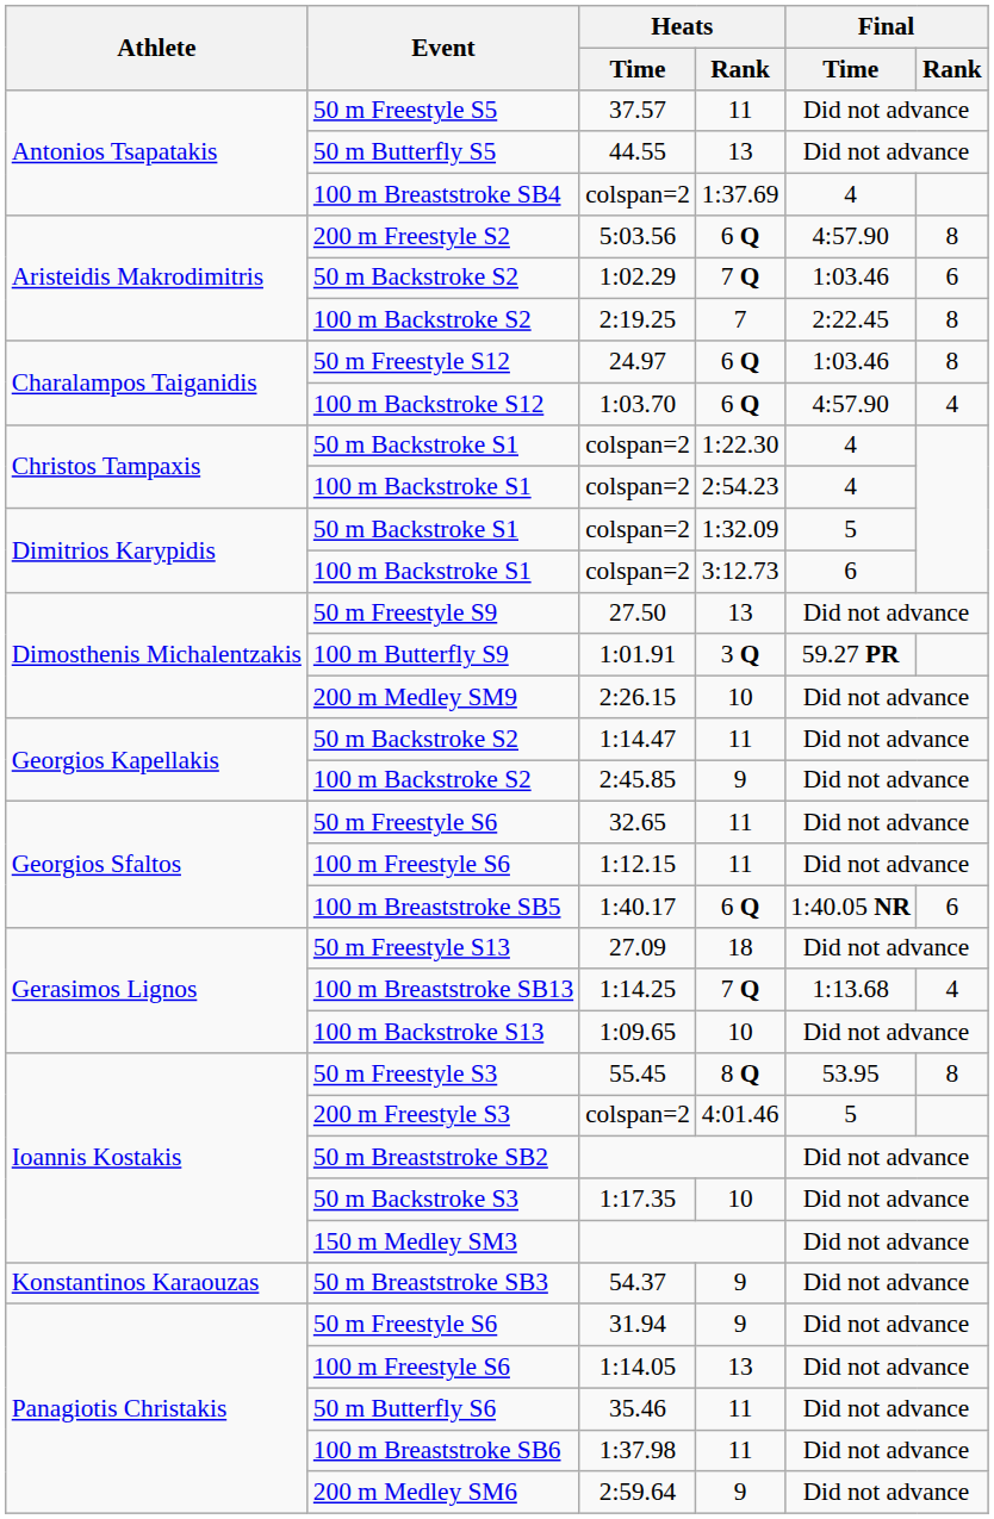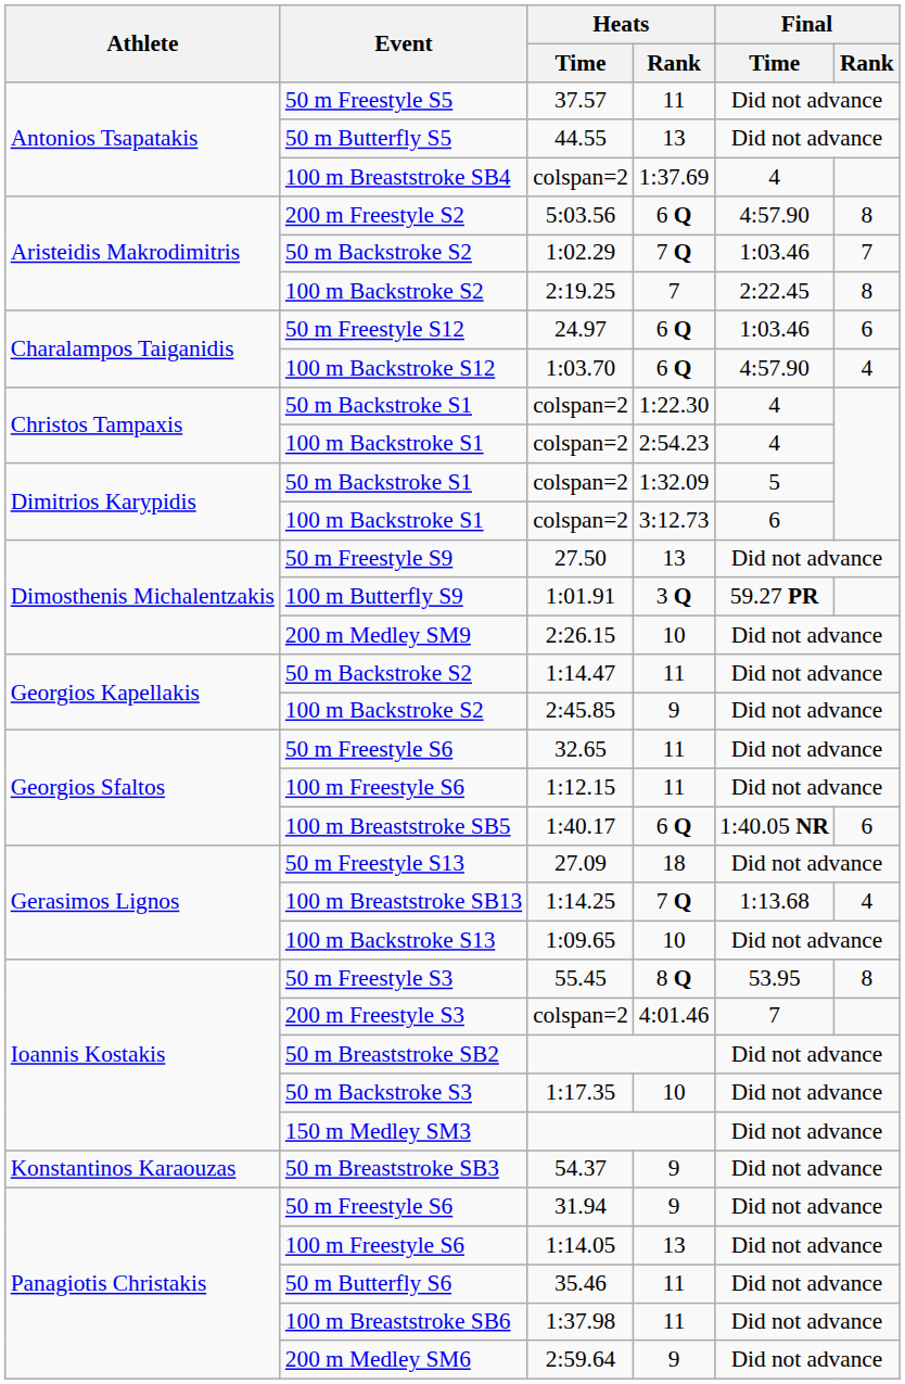 <table class=wikitable style="font-size:90%">
 <tr>
 <th rowspan="2">Athlete</th>
 <th rowspan="2">Event</th>
 <th colspan="2">Heats</th>
 <th colspan="2">Final</th>
 </tr>
 <tr>
 <th>Time</th>
 <th>Rank</th>
 <th>Time</th>
 <th>Rank</th>
 </tr>
 <tr align=center>
 <td align=left rowspan=3><a href='#'>Antonios Tsapatakis</a></td>
 <td align=left><a href='#'>50 m Freestyle S5</a></td>
 <td>37.57</td>
 <td>11</td>
 <td colspan=2>Did not advance</td>
 </tr>
 <tr align=center>
 <td align=left><a href='#'>50 m Butterfly S5</a></td>
 <td>44.55</td>
 <td>13</td>
 <td colspan=2>Did not advance</td>
 </tr>
 <tr align=center>
 <td align=left><a href='#'>100 m Breaststroke SB4</a></td>
 <td>colspan=2 </td>
 <td>1:37.69</td>
 <td>4</td>
 </tr>
 <tr align=center>
 <td align=left rowspan=3><a href='#'>Aristeidis Makrodimitris</a></td>
 <td align=left><a href='#'>200 m Freestyle S2</a></td>
 <td>5:03.56</td>
 <td>6 <strong>Q</strong></td>
 <td>4:57.90</td>
 <td>8</td>
 </tr>
 <tr align=center>
 <td align=left><a href='#'>50 m Backstroke S2</a></td>
 <td>1:02.29</td>
 <td>7 <strong>Q</strong></td>
 <td>1:03.46</td>
-<td>6</td>
+<td>7</td>
 </tr>
 <tr align=center>
 <td align=left><a href='#'>100 m Backstroke S2</a></td>
 <td>2:19.25</td>
 <td>7</td>
 <td>2:22.45</td>
 <td>8</td>
 </tr>
 <tr align=center>
 <td align=left rowspan=2><a href='#'>Charalampos Taiganidis</a></td>
 <td align=left><a href='#'>50 m Freestyle S12</a></td>
 <td>24.97</td>
 <td>6 <strong>Q</strong></td>
 <td>1:03.46</td>
-<td>8</td>
+<td>6</td>
 </tr>
 <tr align=center>
 <td align=left><a href='#'>100 m Backstroke S12</a></td>
 <td>1:03.70</td>
 <td>6 <strong>Q</strong></td>
 <td>4:57.90</td>
 <td>4</td>
 </tr>
 <tr align=center>
 <td align=left rowspan=2><a href='#'>Christos Tampaxis</a></td>
 <td align=left><a href='#'>50 m Backstroke S1</a></td>
 <td>colspan=2 </td>
 <td>1:22.30</td>
 <td>4</td>
 </tr>
 <tr align=center>
 <td align=left><a href='#'>100 m Backstroke S1</a></td>
 <td>colspan=2 </td>
 <td>2:54.23</td>
 <td>4</td>
 </tr>
 <tr align=center>
 <td align=left rowspan=2><a href='#'>Dimitrios Karypidis</a></td>
 <td align=left><a href='#'>50 m Backstroke S1</a></td>
 <td>colspan=2 </td>
 <td>1:32.09</td>
 <td>5</td>
 </tr>
 <tr align=center>
 <td align=left><a href='#'>100 m Backstroke S1</a></td>
 <td>colspan=2 </td>
 <td>3:12.73</td>
 <td>6</td>
 </tr>
 <tr align=center>
 <td align=left rowspan=3><a href='#'>Dimosthenis Michalentzakis</a></td>
 <td align=left><a href='#'>50 m Freestyle S9</a></td>
 <td>27.50</td>
 <td>13</td>
 <td colspan=2>Did not advance</td>
 </tr>
 <tr align=center>
 <td align=left><a href='#'>100 m Butterfly S9</a></td>
 <td>1:01.91</td>
 <td>3 <strong>Q</strong></td>
 <td>59.27 <strong>PR</strong></td>
 <td></td>
 </tr>
 <tr align=center>
 <td align=left><a href='#'>200 m Medley SM9</a></td>
 <td>2:26.15</td>
 <td>10</td>
 <td colspan=2>Did not advance</td>
 </tr>
 <tr align=center>
 <td align=left rowspan=2><a href='#'>Georgios Kapellakis</a></td>
 <td align=left><a href='#'>50 m Backstroke S2</a></td>
 <td>1:14.47</td>
 <td>11</td>
 <td colspan=2>Did not advance</td>
 </tr>
 <tr align=center>
 <td align=left><a href='#'>100 m Backstroke S2</a></td>
 <td>2:45.85</td>
 <td>9</td>
 <td colspan=2>Did not advance</td>
 </tr>
 <tr align=center>
 <td align=left rowspan=3><a href='#'>Georgios Sfaltos</a></td>
 <td align=left><a href='#'>50 m Freestyle S6</a></td>
 <td>32.65</td>
 <td>11</td>
 <td colspan=2>Did not advance</td>
 </tr>
 <tr align=center>
 <td align=left><a href='#'>100 m Freestyle S6</a></td>
 <td>1:12.15</td>
 <td>11</td>
 <td colspan=2>Did not advance</td>
 </tr>
 <tr align=center>
 <td align=left><a href='#'>100 m Breaststroke SB5</a></td>
 <td>1:40.17</td>
 <td>6 <strong>Q</strong></td>
 <td>1:40.05 <strong>NR</strong></td>
 <td>6</td>
 </tr>
 <tr align=center>
 <td align=left rowspan=3><a href='#'>Gerasimos Lignos</a></td>
 <td align=left><a href='#'>50 m Freestyle S13</a></td>
 <td>27.09</td>
 <td>18</td>
 <td colspan=2>Did not advance</td>
 </tr>
 <tr align=center>
 <td align=left><a href='#'>100 m Breaststroke SB13</a></td>
 <td>1:14.25</td>
 <td>7 <strong>Q</strong></td>
 <td>1:13.68</td>
 <td>4</td>
 </tr>
 <tr align=center>
 <td align=left><a href='#'>100 m Backstroke S13</a></td>
 <td>1:09.65</td>
 <td>10</td>
 <td colspan=2>Did not advance</td>
 </tr>
 <tr align=center>
 <td align=left rowspan=5><a href='#'>Ioannis Kostakis</a></td>
 <td align=left><a href='#'>50 m Freestyle S3</a></td>
 <td>55.45</td>
 <td>8 <strong>Q</strong></td>
 <td>53.95</td>
 <td>8</td>
 </tr>
 <tr align=center>
 <td align=left><a href='#'>200 m Freestyle S3</a></td>
 <td>colspan=2 </td>
 <td>4:01.46</td>
-<td>5</td>
+<td>7</td>
 </tr>
 <tr align=center>
 <td align=left><a href='#'>50 m Breaststroke SB2</a></td>
 <td colspan=2></td>
 <td colspan=2>Did not advance</td>
 </tr>
 <tr align=center>
 <td align=left><a href='#'>50 m Backstroke S3</a></td>
 <td>1:17.35</td>
 <td>10</td>
 <td colspan=2>Did not advance</td>
 </tr>
 <tr align=center>
 <td align=left><a href='#'>150 m Medley SM3</a></td>
 <td colspan=2></td>
 <td colspan=2>Did not advance</td>
 </tr>
 <tr align=center>
 <td align=left><a href='#'>Konstantinos Karaouzas</a></td>
 <td align=left><a href='#'>50 m Breaststroke SB3</a></td>
 <td>54.37</td>
 <td>9</td>
 <td colspan=2>Did not advance</td>
 </tr>
 <tr align=center>
 <td align=left rowspan=5><a href='#'>Panagiotis Christakis</a></td>
 <td align=left><a href='#'>50 m Freestyle S6</a></td>
 <td>31.94</td>
 <td>9</td>
 <td colspan=2>Did not advance</td>
 </tr>
 <tr align=center>
 <td align=left><a href='#'>100 m Freestyle S6</a></td>
 <td>1:14.05</td>
 <td>13</td>
 <td colspan=3>Did not advance</td>
 </tr>
 <tr align=center>
 <td align=left><a href='#'>50 m Butterfly S6</a></td>
 <td>35.46</td>
 <td>11</td>
 <td colspan=2>Did not advance</td>
 </tr>
 <tr align=center>
 <td align=left><a href='#'>100 m Breaststroke SB6</a></td>
 <td>1:37.98</td>
 <td>11</td>
 <td colspan=2>Did not advance</td>
 </tr>
 <tr align=center>
 <td align=left><a href='#'>200 m Medley SM6</a></td>
 <td>2:59.64</td>
 <td>9</td>
 <td colspan=2>Did not advance</td>
 </tr>
 </table>
